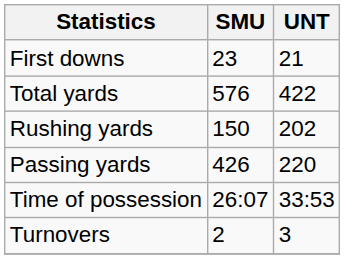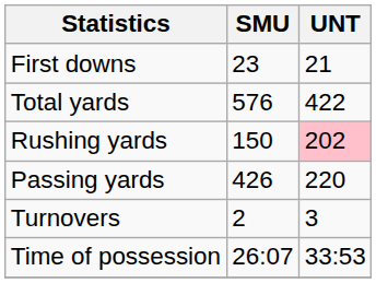 <table class="wikitable">
 <tr>
 <th>Statistics</th>
 <th>SMU</th>
 <th>UNT</th>
 </tr>
 <tr>
 <td>First downs</td>
 <td>23</td>
 <td>21</td>
 </tr>
 <tr>
 <td>Total yards</td>
 <td>576</td>
 <td>422</td>
 </tr>
 <tr>
 <td>Rushing yards</td>
 <td>150</td>
-<td>202</td>
+<td style="background: pink;">202</td>
 </tr>
 <tr>
 <td>Passing yards</td>
 <td>426</td>
 <td>220</td>
 </tr>
 <tr>
+<td>Turnovers</td>
+<td>2</td>
+<td>3</td>
+</tr>
+<tr>
 <td>Time of possession</td>
 <td>26:07</td>
 <td>33:53</td>
 </tr>
 <tr>
-<td>Turnovers</td>
-<td>2</td>
-<td>3</td>
-</tr>
-<tr>
 </tr>
 </table>
